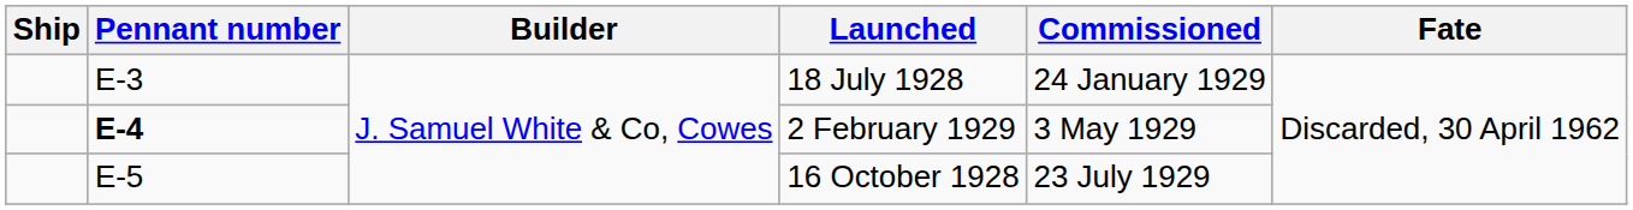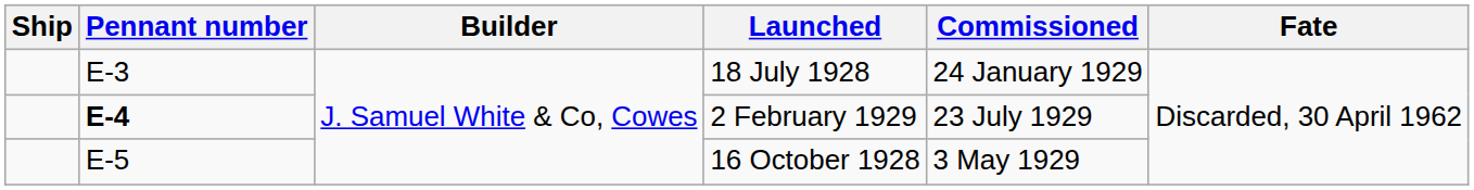 <table class="wikitable plainrowheaders">
 <tr>
 <th scope="col”">Ship</th>
 <th scope="col”"><a href='#'>Pennant number</a></th>
 <th scope="col”">Builder</th>
 <th scope="col”"><a href='#'>Launched</a></th>
 <th scope="col”"><a href='#'>Commissioned</a></th>
 <th scope="col”">Fate</th>
 </tr>
 <tr>
 <td scope="row”"></td>
 <td>E-3</td>
 <td scope="rowgroup" rowspan="3"><a href='#'>J. Samuel White</a> & Co, <a href='#'>Cowes</a></td>
 <td>18 July 1928</td>
 <td>24 January 1929</td>
 <td scope="rowgroup" rowspan="3">Discarded, 30 April 1962</td>
 </tr>
 <tr>
 <td scope="row”"></td>
 <td><strong>E-4</strong></td>
 <td>2 February 1929</td>
-<td>3 May 1929</td>
+<td>23 July 1929</td>
 </tr>
 <tr>
 <td scope="row”"></td>
 <td>E-5</td>
 <td>16 October 1928</td>
-<td>23 July 1929</td>
+<td>3 May 1929</td>
 </tr>
 </table>
